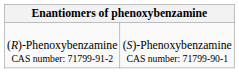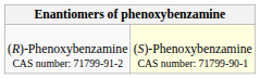 <table class="wikitable" style="text-align:center">
 <tr class="hintergrundfarbe6">
 <th colspan="2">Enantiomers of phenoxybenzamine</th>
 </tr>
 <tr>
 <td><br>(<em>R</em>)-Phenoxybenzamine<br><small>CAS number: 71799-91-2</small></td>
-<td><br>(<em>S</em>)-Phenoxybenzamine<br><small>CAS number: 71799-90-1</small></td>
+<td style="background: lightyellow;"><br>(<em>S</em>)-Phenoxybenzamine<br><small>CAS number: 71799-90-1</small></td>
 </tr>
 </table>
